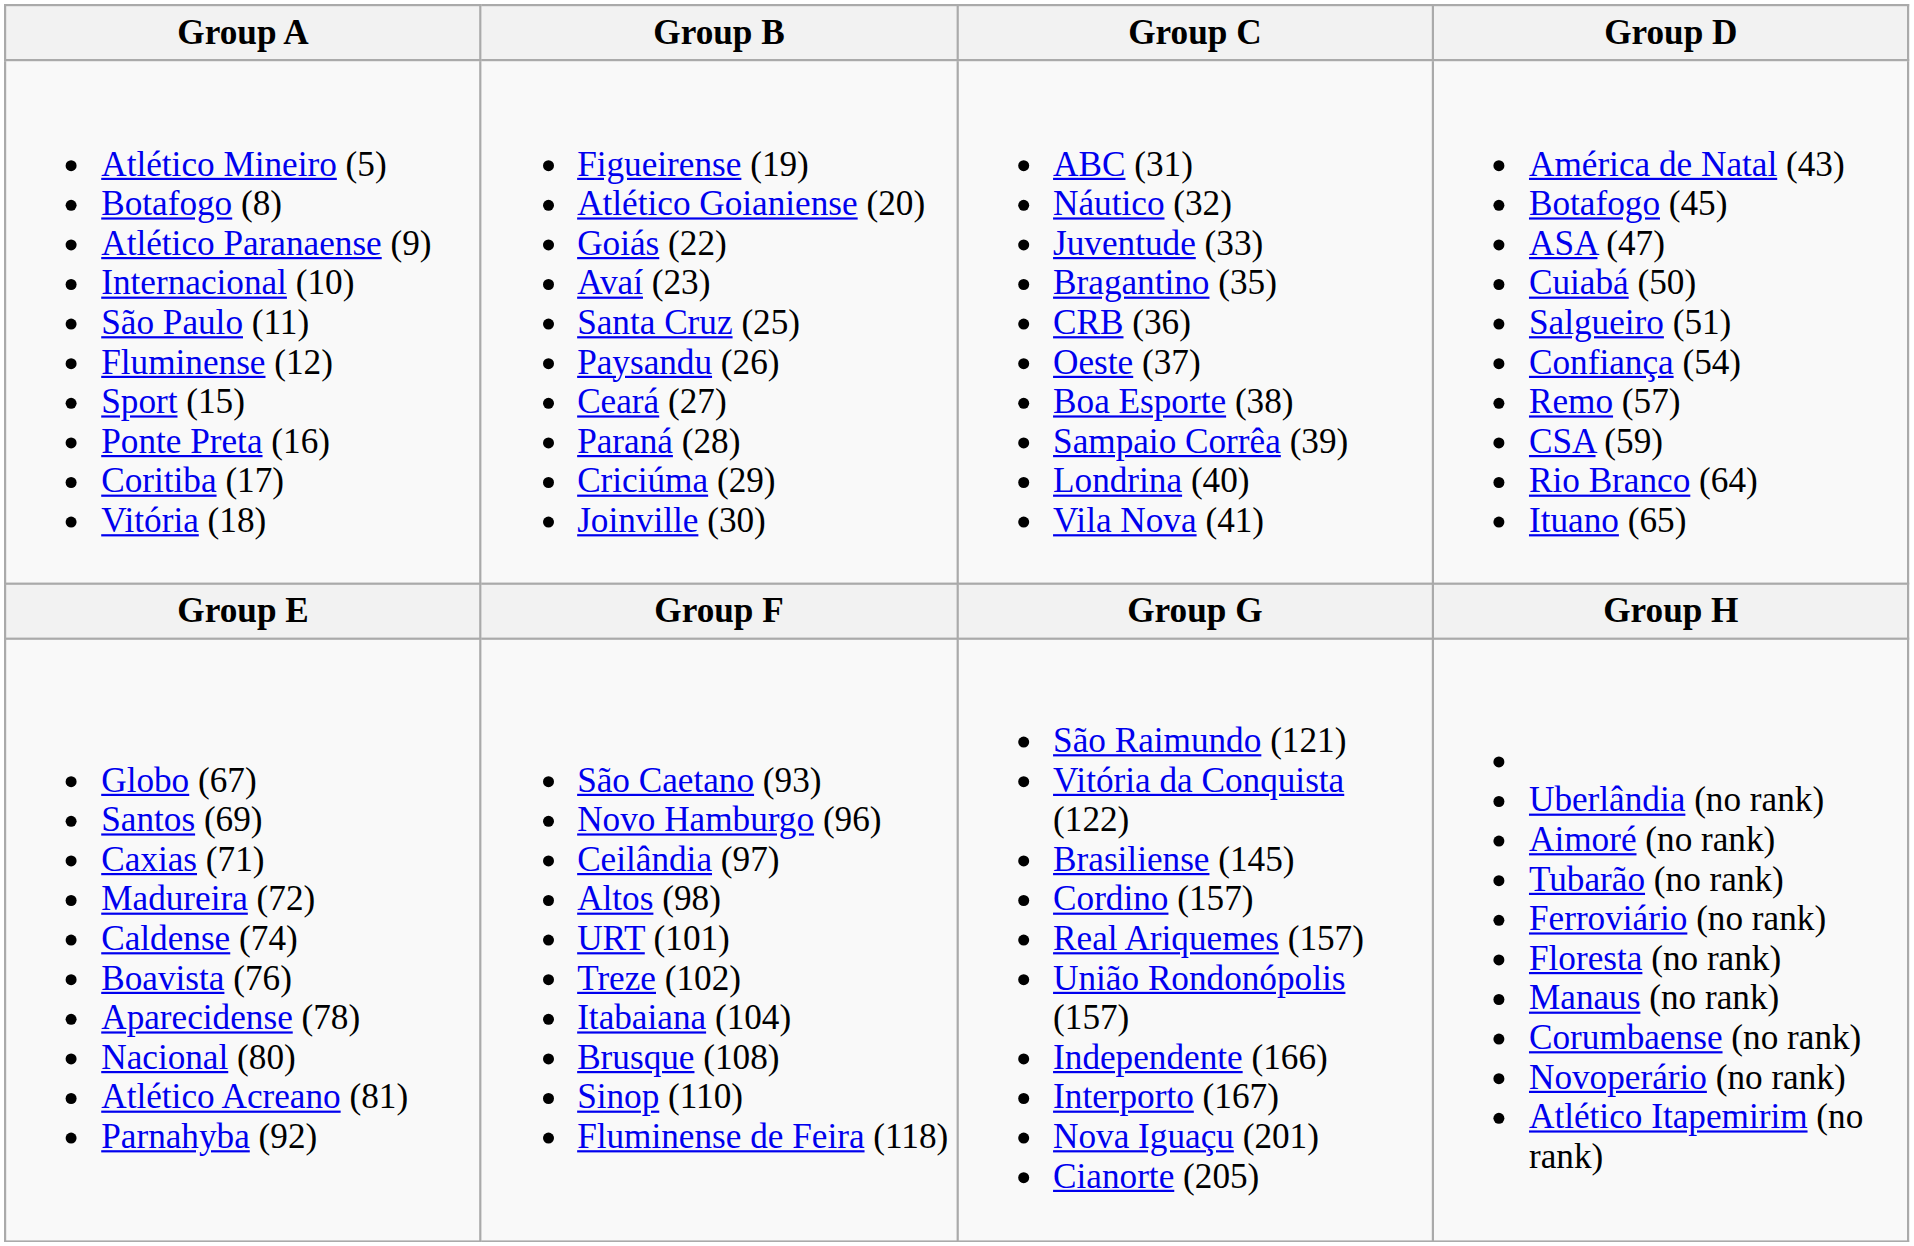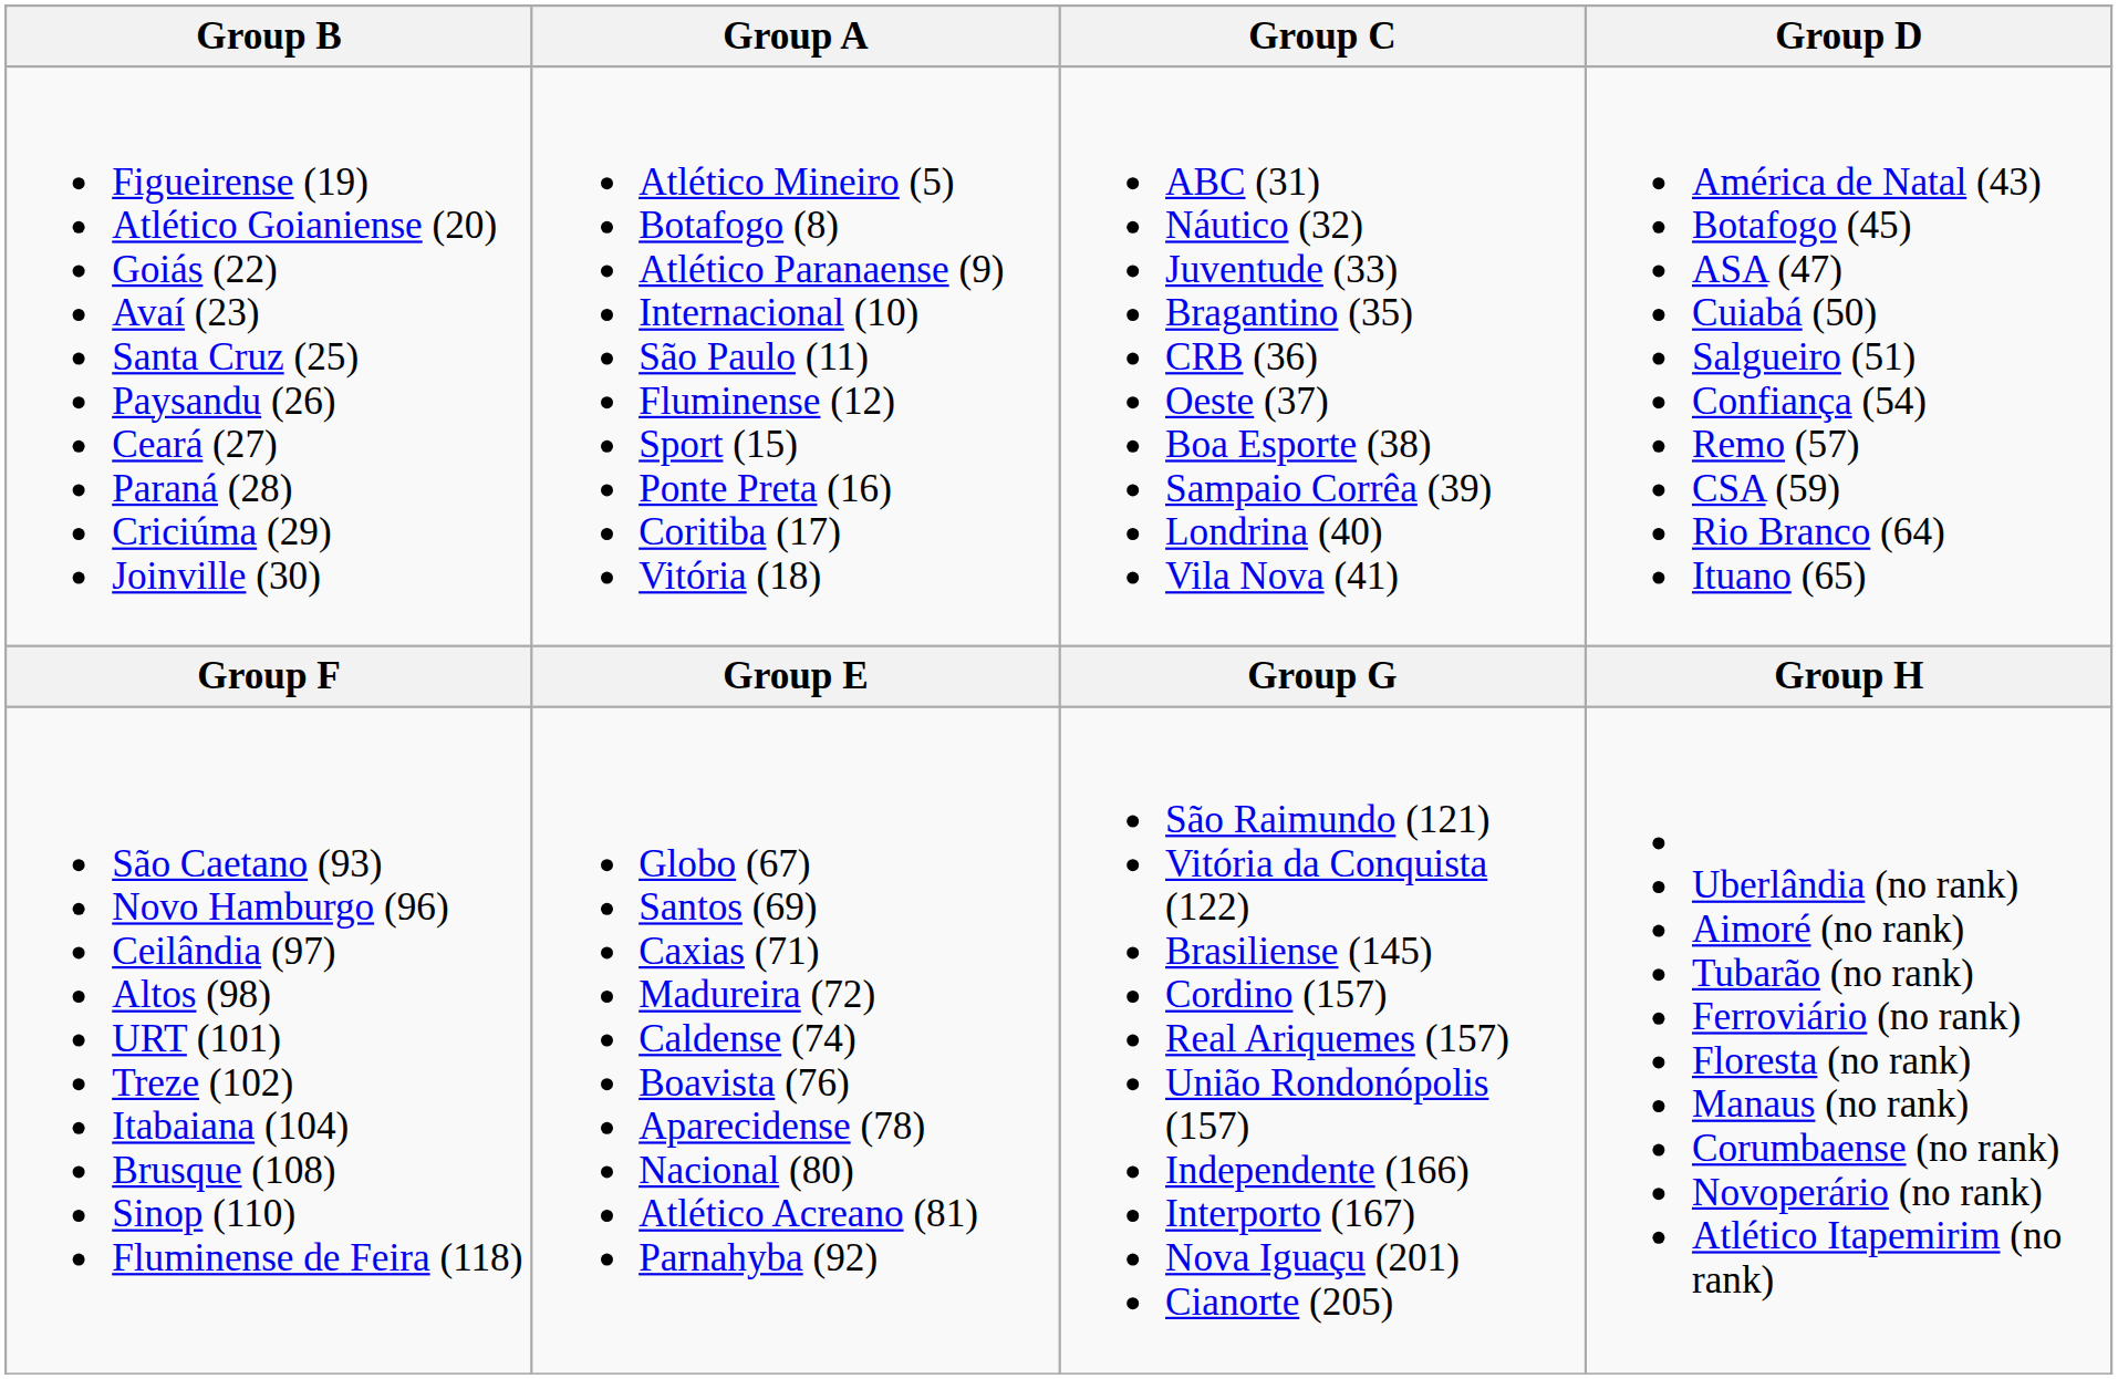 <table class="wikitable" width=98%>
 <tr>
+<th width=25%>Group B</th>
 <th width=25%>Group A</th>
-<th width=25%>Group B</th>
 <th width=25%>Group C</th>
 <th width=25%>Group D</th>
 </tr>
 <tr>
+<td><br><ul><li> <a href='#'>Figueirense</a> (19)</li><li> <a href='#'>Atlético Goianiense</a> (20)</li><li> <a href='#'>Goiás</a> (22)</li><li> <a href='#'>Avaí</a> (23)</li><li> <a href='#'>Santa Cruz</a> (25)</li><li> <a href='#'>Paysandu</a> (26)</li><li> <a href='#'>Ceará</a> (27)</li><li> <a href='#'>Paraná</a> (28)</li><li> <a href='#'>Criciúma</a> (29)</li><li> <a href='#'>Joinville</a> (30)</li></ul></td>
 <td><br><ul><li> <a href='#'>Atlético Mineiro</a> (5)</li><li> <a href='#'>Botafogo</a> (8)</li><li> <a href='#'>Atlético Paranaense</a> (9)</li><li> <a href='#'>Internacional</a> (10)</li><li> <a href='#'>São Paulo</a> (11)</li><li> <a href='#'>Fluminense</a> (12)</li><li> <a href='#'>Sport</a> (15)</li><li> <a href='#'>Ponte Preta</a> (16)</li><li> <a href='#'>Coritiba</a> (17)</li><li> <a href='#'>Vitória</a> (18)</li></ul></td>
-<td><br><ul><li> <a href='#'>Figueirense</a> (19)</li><li> <a href='#'>Atlético Goianiense</a> (20)</li><li> <a href='#'>Goiás</a> (22)</li><li> <a href='#'>Avaí</a> (23)</li><li> <a href='#'>Santa Cruz</a> (25)</li><li> <a href='#'>Paysandu</a> (26)</li><li> <a href='#'>Ceará</a> (27)</li><li> <a href='#'>Paraná</a> (28)</li><li> <a href='#'>Criciúma</a> (29)</li><li> <a href='#'>Joinville</a> (30)</li></ul></td>
 <td><br><ul><li> <a href='#'>ABC</a> (31)</li><li> <a href='#'>Náutico</a> (32)</li><li> <a href='#'>Juventude</a> (33)</li><li> <a href='#'>Bragantino</a> (35)</li><li> <a href='#'>CRB</a> (36)</li><li> <a href='#'>Oeste</a> (37)</li><li> <a href='#'>Boa Esporte</a> (38)</li><li> <a href='#'>Sampaio Corrêa</a> (39)</li><li> <a href='#'>Londrina</a> (40)</li><li> <a href='#'>Vila Nova</a> (41)</li></ul></td>
 <td><br><ul><li> <a href='#'>América de Natal</a> (43)</li><li> <a href='#'>Botafogo</a> (45)</li><li> <a href='#'>ASA</a> (47)</li><li> <a href='#'>Cuiabá</a> (50)</li><li> <a href='#'>Salgueiro</a> (51)</li><li> <a href='#'>Confiança</a> (54)</li><li> <a href='#'>Remo</a> (57)</li><li> <a href='#'>CSA</a> (59)</li><li> <a href='#'>Rio Branco</a> (64)</li><li> <a href='#'>Ituano</a> (65)</li></ul></td>
 </tr>
 <tr>
+<th width=25%>Group F</th>
 <th width=25%>Group E</th>
-<th width=25%>Group F</th>
 <th width=25%>Group G</th>
 <th width=25%>Group H</th>
 </tr>
 <tr>
+<td><br><ul><li> <a href='#'>São Caetano</a> (93)</li><li> <a href='#'>Novo Hamburgo</a> (96)</li><li> <a href='#'>Ceilândia</a> (97)</li><li> <a href='#'>Altos</a> (98)</li><li> <a href='#'>URT</a> (101)</li><li> <a href='#'>Treze</a> (102)</li><li> <a href='#'>Itabaiana</a> (104)</li><li> <a href='#'>Brusque</a> (108)</li><li> <a href='#'>Sinop</a> (110)</li><li> <a href='#'>Fluminense de Feira</a> (118)</li></ul></td>
 <td><br><ul><li> <a href='#'>Globo</a> (67)</li><li> <a href='#'>Santos</a> (69)</li><li> <a href='#'>Caxias</a> (71)</li><li> <a href='#'>Madureira</a> (72)</li><li> <a href='#'>Caldense</a> (74)</li><li> <a href='#'>Boavista</a> (76)</li><li> <a href='#'>Aparecidense</a> (78)</li><li> <a href='#'>Nacional</a> (80)</li><li> <a href='#'>Atlético Acreano</a> (81)</li><li> <a href='#'>Parnahyba</a> (92)</li></ul></td>
-<td><br><ul><li> <a href='#'>São Caetano</a> (93)</li><li> <a href='#'>Novo Hamburgo</a> (96)</li><li> <a href='#'>Ceilândia</a> (97)</li><li> <a href='#'>Altos</a> (98)</li><li> <a href='#'>URT</a> (101)</li><li> <a href='#'>Treze</a> (102)</li><li> <a href='#'>Itabaiana</a> (104)</li><li> <a href='#'>Brusque</a> (108)</li><li> <a href='#'>Sinop</a> (110)</li><li> <a href='#'>Fluminense de Feira</a> (118)</li></ul></td>
 <td><br><ul><li> <a href='#'>São Raimundo</a> (121)</li><li> <a href='#'>Vitória da Conquista</a> (122)</li><li> <a href='#'>Brasiliense</a> (145)</li><li> <a href='#'>Cordino</a> (157)</li><li> <a href='#'>Real Ariquemes</a> (157)</li><li> <a href='#'>União Rondonópolis</a> (157)</li><li> <a href='#'>Independente</a> (166)</li><li> <a href='#'>Interporto</a> (167)</li><li> <a href='#'>Nova Iguaçu</a> (201)</li><li> <a href='#'>Cianorte</a> (205)</li></ul></td>
 <td><br><ul><li></li><li> <a href='#'>Uberlândia</a> (no rank)</li><li> <a href='#'>Aimoré</a> (no rank)</li><li> <a href='#'>Tubarão</a> (no rank)</li><li> <a href='#'>Ferroviário</a> (no rank)</li><li> <a href='#'>Floresta</a> (no rank)</li><li> <a href='#'>Manaus</a> (no rank)</li><li> <a href='#'>Corumbaense</a> (no rank)</li><li> <a href='#'>Novoperário</a> (no rank)</li><li> <a href='#'>Atlético Itapemirim</a> (no rank)</li></ul></td>
 </tr>
 </table>
